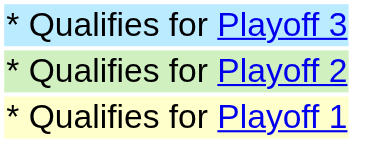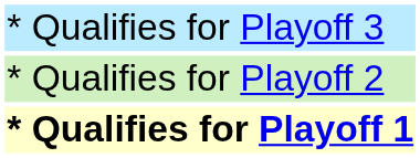 <table>
 <tr style="background: #BBEBFF;">
 <td>* Qualifies for <a href='#'>Playoff 3</a></td>
 </tr>
 <tr style="background: #D0F0C0;">
 <td>* Qualifies for <a href='#'>Playoff 2</a></td>
 </tr>
 <tr style="background: #FFFFCC;">
-<td>* Qualifies for <a href='#'>Playoff 1</a></td>
+<td><strong>* Qualifies for <a href='#'>Playoff 1</a></strong></td>
 </tr>
 </table>
